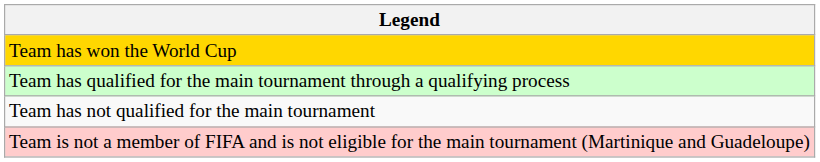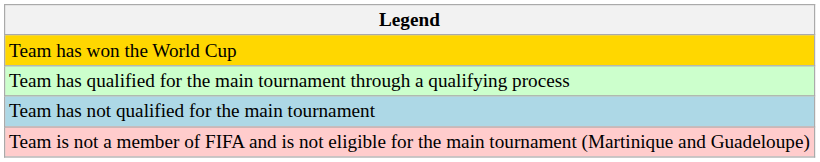 <table class="wikitable">
 <tr>
 <th>Legend</th>
 </tr>
 <tr style="background:gold;">
 <td>Team has won the World Cup</td>
 </tr>
 <tr style="background:#cfc;">
 <td>Team has qualified for the main tournament through a qualifying process</td>
 </tr>
 <tr>
-<td>Team has not qualified for the main tournament</td>
+<td style="background: lightblue;">Team has not qualified for the main tournament</td>
 </tr>
 <tr style="background:#ffcccc;">
 <td>Team is not a member of FIFA and is not eligible for the main tournament (Martinique and Guadeloupe)</td>
 </tr>
 </table>
